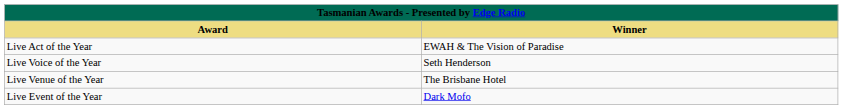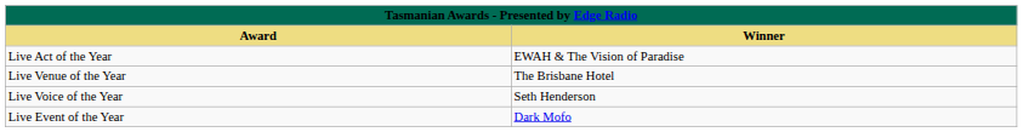 <table class="wikitable" width=100%>
 <tr>
 <th colspan="2" ! style="width:15%;background:#006b54">Tasmanian Awards - Presented by <a href='#'>Edge Radio</a></th>
 </tr>
 <tr>
 <th style="width:10%;background:#EEDD82;">Award</th>
 <th style="width:10%;background:#EEDD82;">Winner</th>
 </tr>
 <tr>
 <td>Live Act of the Year</td>
 <td>EWAH & The Vision of Paradise</td>
 </tr>
 <tr>
+<td>Live Venue of the Year</td>
+<td>The Brisbane Hotel</td>
+</tr>
+<tr>
 <td>Live Voice of the Year</td>
 <td>Seth Henderson</td>
-</tr>
-<tr>
-<td>Live Venue of the Year</td>
-<td>The Brisbane Hotel</td>
 </tr>
 <tr>
 <td>Live Event of the Year</td>
 <td><a href='#'>Dark Mofo</a></td>
 </tr>
 </table>
